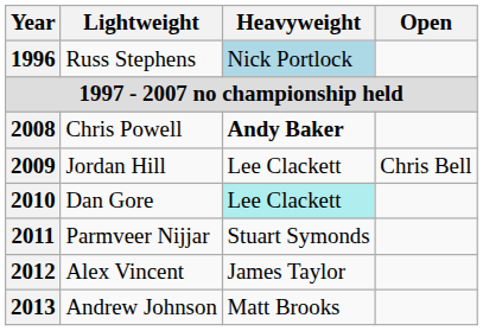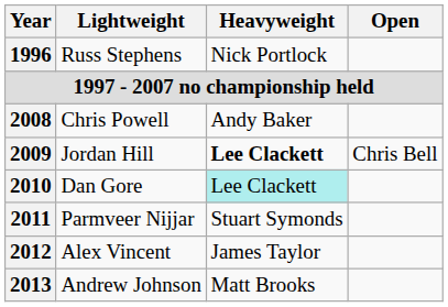 <table class="wikitable">
 <tr>
 <th>Year</th>
 <th>Lightweight</th>
 <th>Heavyweight</th>
 <th>Open</th>
 </tr>
 <tr>
 <th>1996</th>
 <td>Russ Stephens</td>
-<td style="background: lightblue;">Nick Portlock</td>
+<td>Nick Portlock</td>
 <td> </td>
 </tr>
 <tr>
 <td style="background:#DDDDDD;" colspan=4 align=center><strong>1997 - 2007 no championship held</strong></td>
 </tr>
 <tr>
 <th>2008</th>
 <td>Chris Powell</td>
-<td><strong>Andy Baker</strong></td>
+<td>Andy Baker</td>
 <td> </td>
 </tr>
 <tr>
 <th>2009</th>
 <td>Jordan Hill</td>
-<td>Lee Clackett</td>
+<td><strong>Lee Clackett</strong></td>
 <td>Chris Bell</td>
 </tr>
 <tr>
 <th>2010</th>
 <td>Dan Gore</td>
 <td style="background: paleturquoise;">Lee Clackett</td>
 <td> </td>
 </tr>
 <tr>
 <th>2011</th>
 <td>Parmveer Nijjar</td>
 <td>Stuart Symonds</td>
 <td></td>
 </tr>
 <tr>
 <th>2012</th>
 <td>Alex Vincent</td>
 <td>James Taylor</td>
 <td></td>
 </tr>
 <tr>
 <th>2013</th>
 <td>Andrew Johnson</td>
 <td>Matt Brooks</td>
 <td></td>
 </tr>
 </table>
